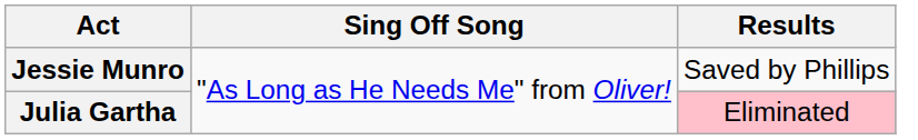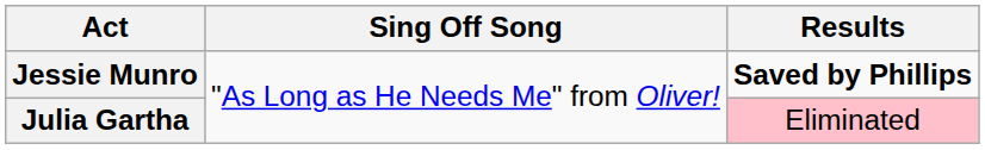 <table class="wikitable plainrowheaders" style="text-align:center;">
 <tr>
 <th scope="col">Act</th>
 <th scope="col">Sing Off Song</th>
 <th scope="col">Results</th>
 </tr>
 <tr>
 <th scope="row">Jessie Munro</th>
 <td rowspan="3">"<a href='#'>As Long as He Needs Me</a>" from <em><a href='#'>Oliver!</a></em></td>
-<td>Saved by Phillips</td>
+<td><strong>Saved by Phillips</strong></td>
 </tr>
 <tr>
 <th scope="row">Julia Gartha</th>
 <td style="background:pink;">Eliminated</td>
 </tr>
 </table>
